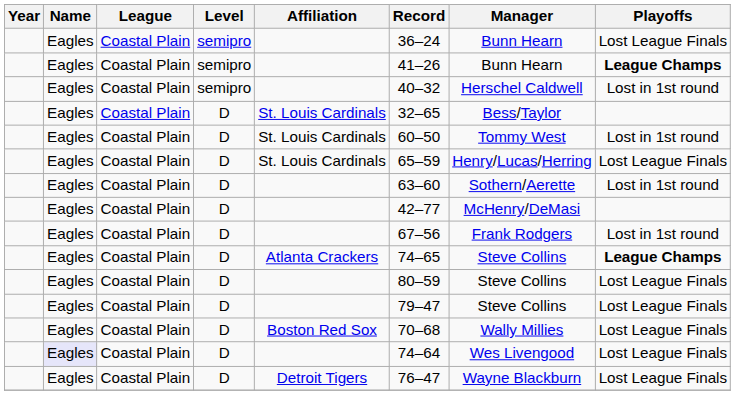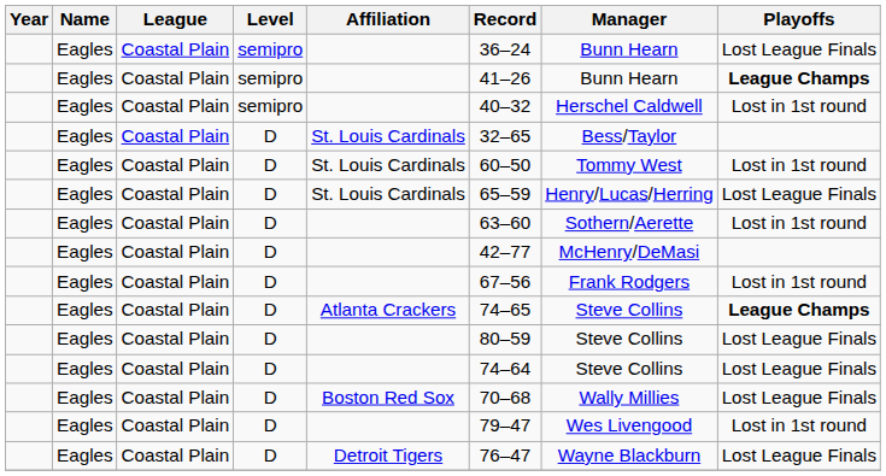 <table class="wikitable sortable">
 <tr style="background: #F2F2F2;">
 <th>Year</th>
 <th>Name</th>
 <th>League</th>
 <th>Level</th>
 <th>Affiliation</th>
 <th>Record</th>
 <th>Manager</th>
 <th>Playoffs</th>
 </tr>
 <tr align=center>
 <td></td>
 <td>Eagles</td>
 <td><a href='#'>Coastal Plain</a></td>
 <td><a href='#'>semipro</a></td>
 <td></td>
 <td>36–24</td>
 <td><a href='#'>Bunn Hearn</a></td>
 <td>Lost League Finals</td>
 </tr>
 <tr align=center>
 <td></td>
 <td>Eagles</td>
 <td>Coastal Plain</td>
 <td>semipro</td>
 <td></td>
 <td>41–26</td>
 <td>Bunn Hearn</td>
 <td><strong>League Champs</strong></td>
 </tr>
 <tr align=center>
 <td></td>
 <td>Eagles</td>
 <td>Coastal Plain</td>
 <td>semipro</td>
 <td></td>
 <td>40–32</td>
 <td><a href='#'>Herschel Caldwell</a></td>
 <td>Lost in 1st round</td>
 </tr>
 <tr align=center>
 <td></td>
 <td>Eagles</td>
 <td><a href='#'>Coastal Plain</a></td>
 <td>D</td>
 <td><a href='#'>St. Louis Cardinals</a></td>
 <td>32–65</td>
 <td><a href='#'>Bess</a>/<a href='#'>Taylor</a></td>
 <td></td>
 </tr>
 <tr align=center>
 <td></td>
 <td>Eagles</td>
 <td>Coastal Plain</td>
 <td>D</td>
 <td>St. Louis Cardinals</td>
 <td>60–50</td>
 <td><a href='#'>Tommy West</a></td>
 <td>Lost in 1st round</td>
 </tr>
 <tr align=center>
 <td></td>
 <td>Eagles</td>
 <td>Coastal Plain</td>
 <td>D</td>
 <td>St. Louis Cardinals</td>
 <td>65–59</td>
 <td><a href='#'>Henry</a>/<a href='#'>Lucas</a>/<a href='#'>Herring</a></td>
 <td>Lost League Finals</td>
 </tr>
 <tr align=center>
 <td></td>
 <td>Eagles</td>
 <td>Coastal Plain</td>
 <td>D</td>
 <td></td>
 <td>63–60</td>
 <td><a href='#'>Sothern</a>/<a href='#'>Aerette</a></td>
 <td>Lost in 1st round</td>
 </tr>
 <tr align=center>
 <td></td>
 <td>Eagles</td>
 <td>Coastal Plain</td>
 <td>D</td>
 <td></td>
 <td>42–77</td>
 <td><a href='#'>McHenry</a>/<a href='#'>DeMasi</a></td>
 <td></td>
 </tr>
 <tr align=center>
 <td></td>
 <td>Eagles</td>
 <td>Coastal Plain</td>
 <td>D</td>
 <td></td>
 <td>67–56</td>
 <td><a href='#'>Frank Rodgers</a></td>
 <td>Lost in 1st round</td>
 </tr>
 <tr align=center>
 <td></td>
 <td>Eagles</td>
 <td>Coastal Plain</td>
 <td>D</td>
 <td><a href='#'>Atlanta Crackers</a></td>
 <td>74–65</td>
 <td><a href='#'>Steve Collins</a></td>
 <td><strong>League Champs</strong></td>
 </tr>
 <tr align=center>
 <td></td>
 <td>Eagles</td>
 <td>Coastal Plain</td>
 <td>D</td>
 <td></td>
 <td>80–59</td>
 <td>Steve Collins</td>
 <td>Lost League Finals</td>
 </tr>
 <tr align=center>
 <td></td>
 <td>Eagles</td>
 <td>Coastal Plain</td>
 <td>D</td>
 <td></td>
-<td>79–47</td>
+<td>74–64</td>
 <td>Steve Collins</td>
 <td>Lost League Finals</td>
 </tr>
 <tr align=center>
 <td></td>
 <td>Eagles</td>
 <td>Coastal Plain</td>
 <td>D</td>
 <td><a href='#'>Boston Red Sox</a></td>
 <td>70–68</td>
 <td><a href='#'>Wally Millies</a></td>
 <td>Lost League Finals</td>
 </tr>
 <tr align=center>
 <td></td>
-<td style="background: lavender;">Eagles</td>
+<td>Eagles</td>
 <td>Coastal Plain</td>
 <td>D</td>
 <td></td>
-<td>74–64</td>
+<td>79–47</td>
 <td><a href='#'>Wes Livengood</a></td>
-<td>Lost League Finals</td>
+<td>Lost in 1st round</td>
 </tr>
 <tr align=center>
 <td></td>
 <td>Eagles</td>
 <td>Coastal Plain</td>
 <td>D</td>
 <td><a href='#'>Detroit Tigers</a></td>
 <td>76–47</td>
 <td><a href='#'>Wayne Blackburn</a></td>
 <td>Lost League Finals</td>
 </tr>
 <tr align=center>
 </tr>
 </table>
